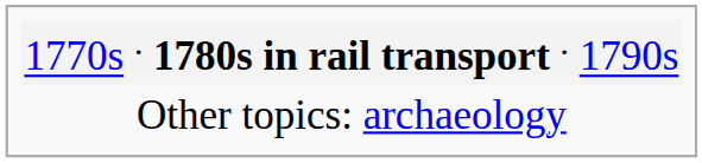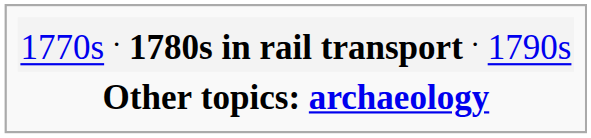 <table class="infobox">
 <tr style="background:#f3f3f3;">
 <td style="text-align:center;"><a href='#'>1770s</a> <sup>.</sup> <strong>1780s in rail transport</strong> <sup>.</sup> <a href='#'>1790s</a></td>
 </tr>
 <tr>
-<td style="text-align:center;">Other topics: <a href='#'>archaeology</a></td>
+<td style="text-align:center;"><strong>Other topics: <a href='#'>archaeology</a></strong></td>
 </tr>
 </table>
